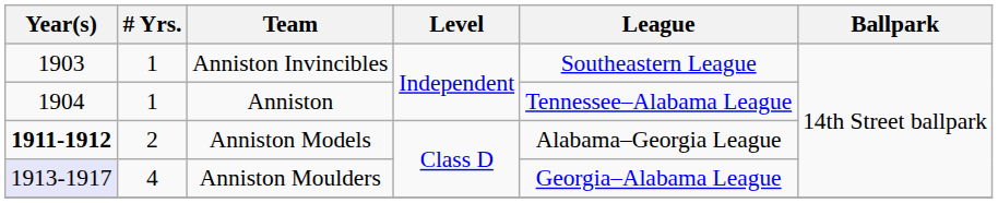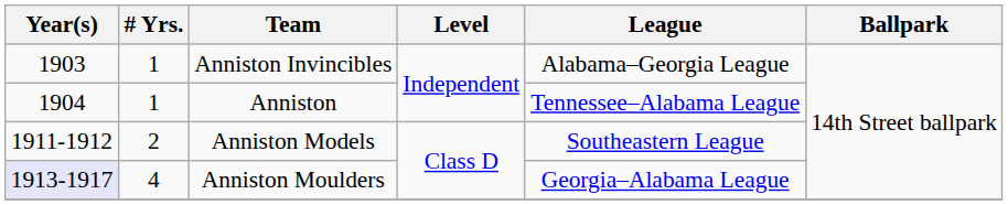 <table class="wikitable" style="text-align:center; font-size: 95%;">
 <tr>
 <th>Year(s)</th>
 <th># Yrs.</th>
 <th>Team</th>
 <th>Level</th>
 <th>League</th>
 <th>Ballpark</th>
 </tr>
 <tr>
 <td>1903</td>
 <td>1</td>
 <td>Anniston Invincibles</td>
 <td rowspan=2><a href='#'>Independent</a></td>
-<td><a href='#'>Southeastern League</a></td>
+<td>Alabama–Georgia League</td>
 <td rowspan=4>14th Street ballpark</td>
 </tr>
 <tr>
 <td>1904</td>
 <td>1</td>
 <td>Anniston</td>
 <td><a href='#'>Tennessee–Alabama League</a></td>
 </tr>
 <tr>
-<td><strong>1911-1912</strong></td>
+<td>1911-1912</td>
 <td>2</td>
 <td>Anniston Models</td>
 <td rowspan=2><a href='#'>Class D</a></td>
-<td>Alabama–Georgia League</td>
+<td><a href='#'>Southeastern League</a></td>
 </tr>
 <tr>
 <td style="background: lavender;">1913-1917</td>
 <td>4</td>
 <td>Anniston Moulders</td>
 <td><a href='#'>Georgia–Alabama League</a></td>
 </tr>
 <tr>
 </tr>
 </table>
